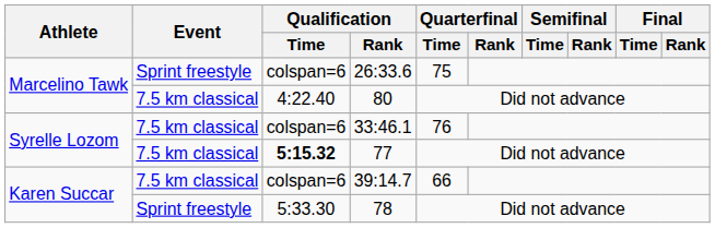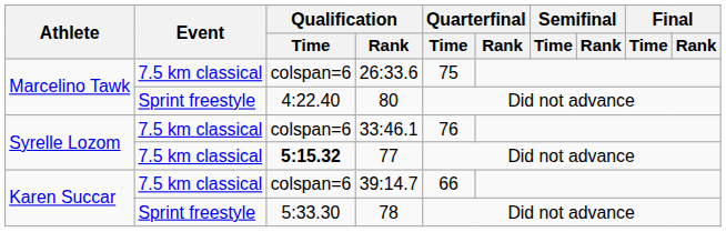 <table class="wikitable" style="font-size:90%">
 <tr>
 <th rowspan="2">Athlete</th>
 <th rowspan="2">Event</th>
 <th colspan="2">Qualification</th>
 <th colspan="2">Quarterfinal</th>
 <th colspan="2">Semifinal</th>
 <th colspan="2">Final</th>
 </tr>
 <tr style="font-size:95%">
 <th>Time</th>
 <th>Rank</th>
 <th>Time</th>
 <th>Rank</th>
 <th>Time</th>
 <th>Rank</th>
 <th>Time</th>
 <th>Rank</th>
 </tr>
 <tr align=center>
 <td align=left rowspan=2><a href='#'>Marcelino Tawk</a></td>
-<td align=left><a href='#'>Sprint freestyle</a></td>
+<td align=left><a href='#'>7.5 km classical</a></td>
 <td>colspan=6</td>
 <td>26:33.6</td>
 <td>75</td>
 </tr>
 <tr align=center>
-<td align=left><a href='#'>7.5 km classical</a></td>
+<td align=left><a href='#'>Sprint freestyle</a></td>
 <td>4:22.40</td>
 <td>80</td>
 <td colspan=6>Did not advance</td>
 </tr>
 <tr align=center>
 <td align=left rowspan=2><a href='#'>Syrelle Lozom</a></td>
 <td align=left><a href='#'>7.5 km classical</a></td>
 <td>colspan=6</td>
 <td>33:46.1</td>
 <td>76</td>
 </tr>
 <tr align=center>
 <td align=left><a href='#'>7.5 km classical</a></td>
 <td><strong>5:15.32</strong></td>
 <td>77</td>
 <td colspan=6>Did not advance</td>
 </tr>
 <tr align=center>
 <td align=left rowspan=2><a href='#'>Karen Succar</a></td>
 <td align=left><a href='#'>7.5 km classical</a></td>
 <td>colspan=6</td>
 <td>39:14.7</td>
 <td>66</td>
 </tr>
 <tr align=center>
 <td align=left><a href='#'>Sprint freestyle</a></td>
 <td>5:33.30</td>
 <td>78</td>
 <td colspan=6>Did not advance</td>
 </tr>
 </table>
